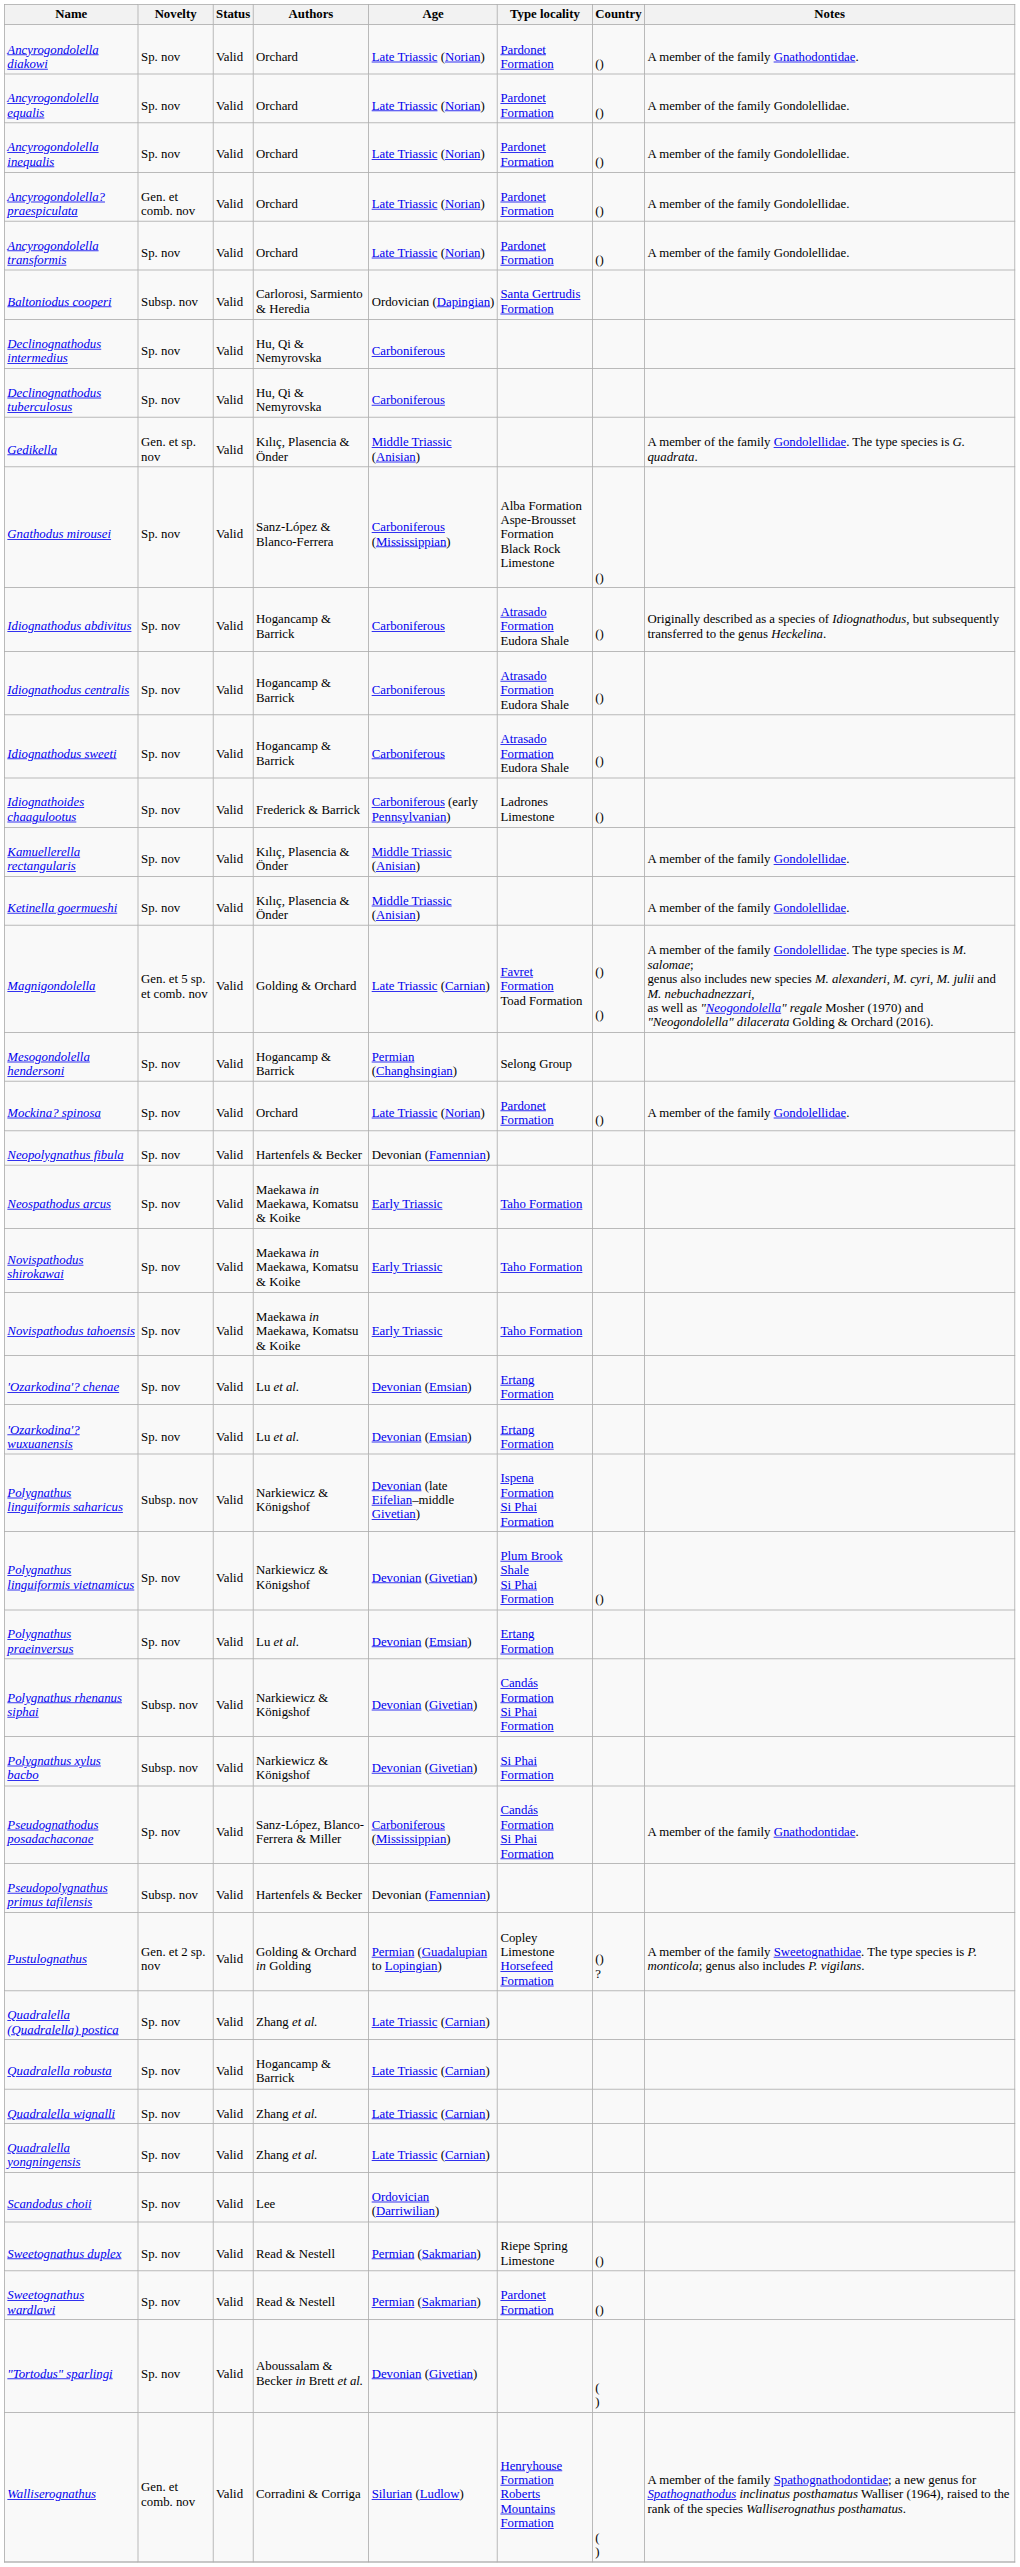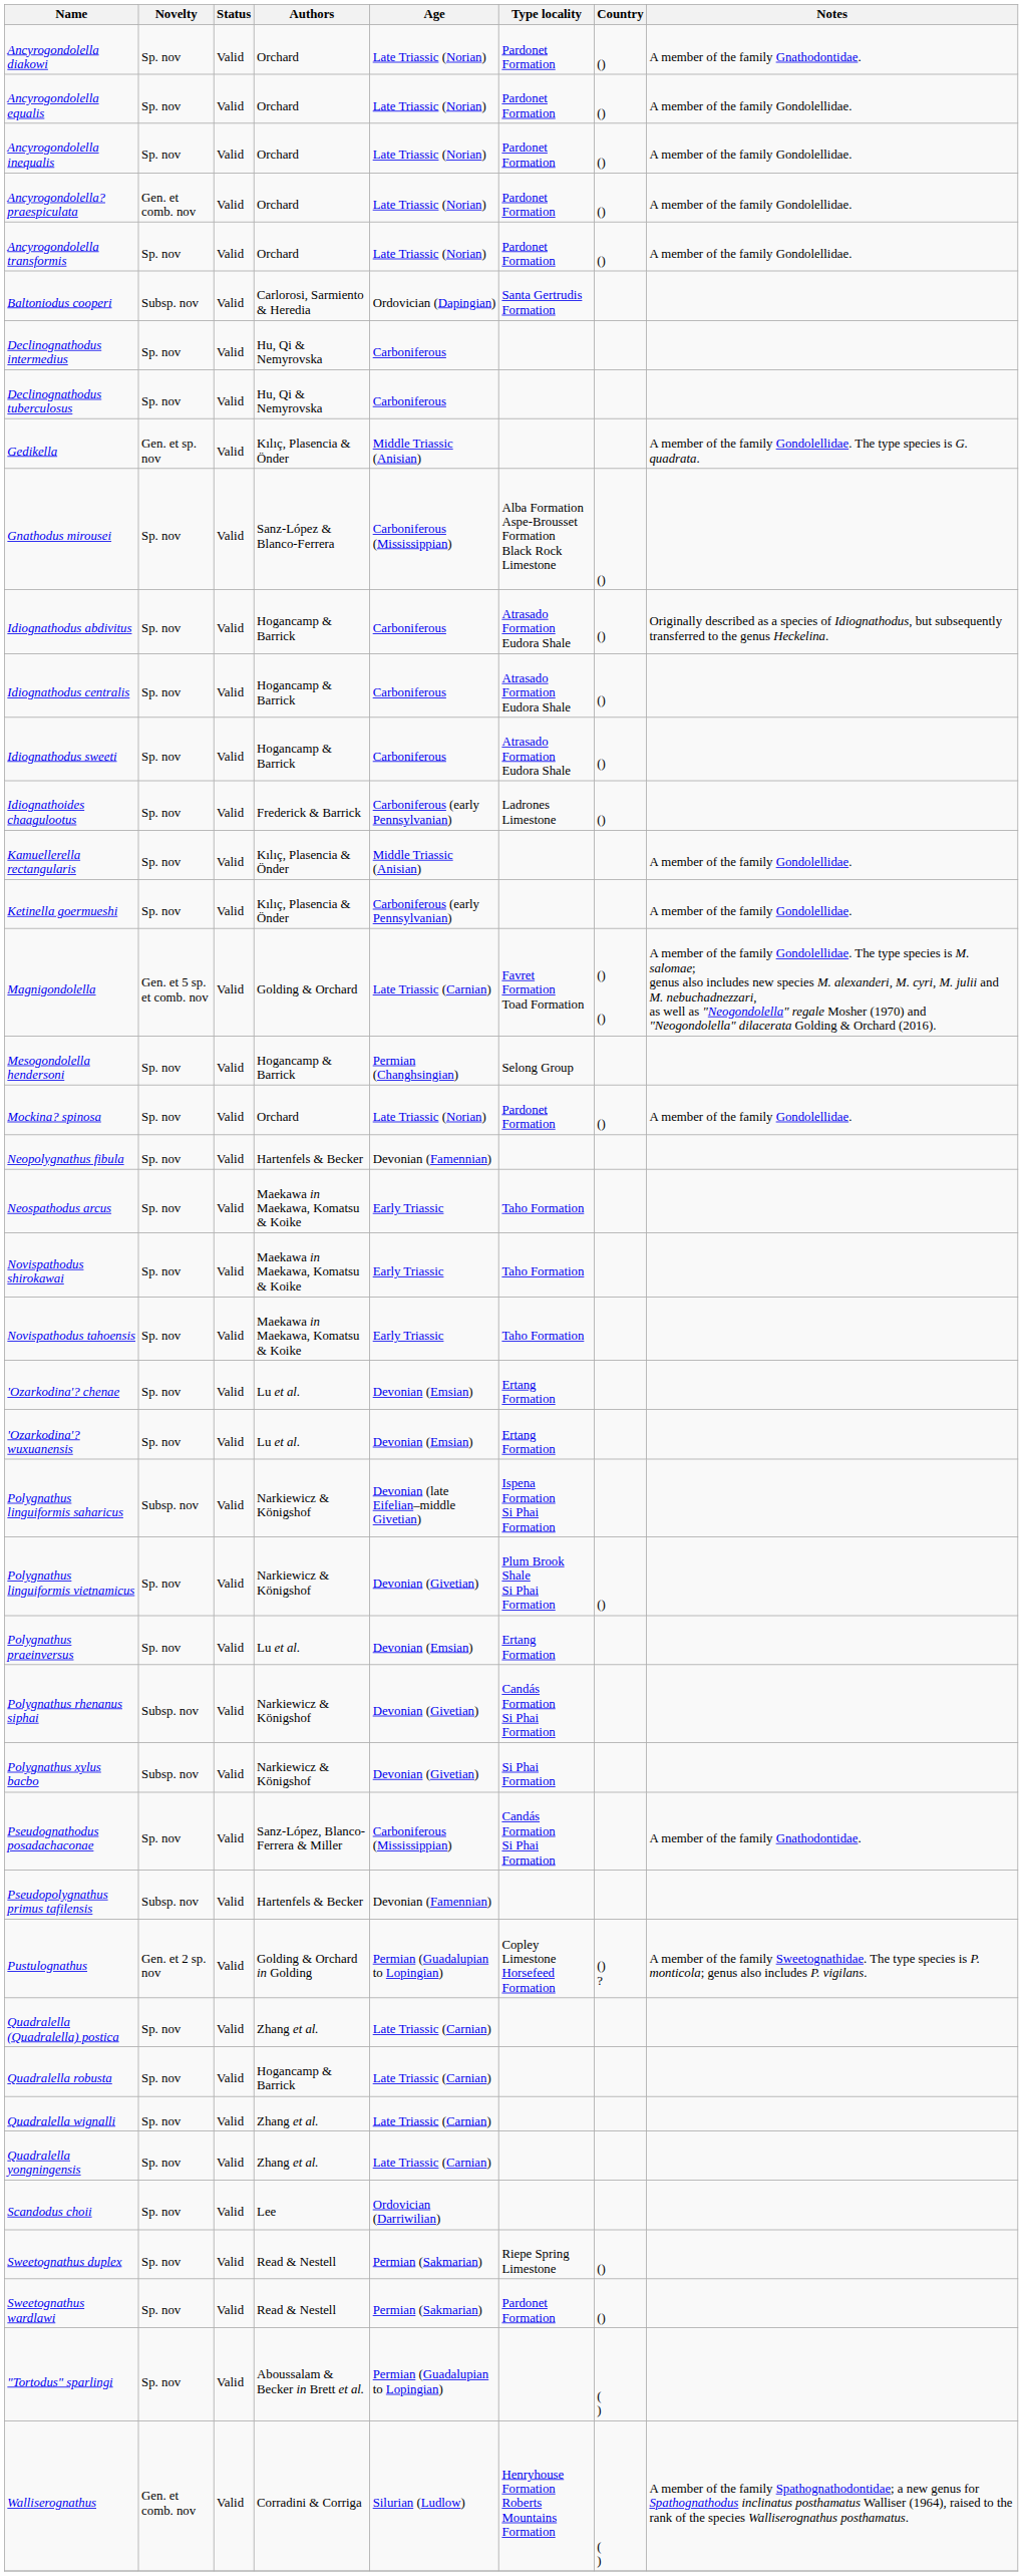 <table class="wikitable sortable" align="center" width="100%">
 <tr>
 <th>Name</th>
 <th>Novelty</th>
 <th>Status</th>
 <th>Authors</th>
 <th>Age</th>
 <th>Type locality</th>
 <th>Country</th>
 <th>Notes</th>
 </tr>
 <tr>
 <td><br><em><a href='#'>Ancyrogondolella diakowi</a></em></td>
 <td><br>Sp. nov</td>
 <td><br>Valid</td>
 <td><br>Orchard</td>
 <td><br><a href='#'>Late Triassic</a> (<a href='#'>Norian</a>)</td>
 <td><br><a href='#'>Pardonet Formation</a></td>
 <td><br><br> ()</td>
 <td><br>A member of the family <a href='#'>Gnathodontidae</a>.</td>
 </tr>
 <tr>
 <td><br><em><a href='#'>Ancyrogondolella equalis</a></em></td>
 <td><br>Sp. nov</td>
 <td><br>Valid</td>
 <td><br>Orchard</td>
 <td><br><a href='#'>Late Triassic</a> (<a href='#'>Norian</a>)</td>
 <td><br><a href='#'>Pardonet Formation</a></td>
 <td><br><br> ()</td>
 <td><br>A member of the family Gondolellidae.</td>
 </tr>
 <tr>
 <td><br><em><a href='#'>Ancyrogondolella inequalis</a></em></td>
 <td><br>Sp. nov</td>
 <td><br>Valid</td>
 <td><br>Orchard</td>
 <td><br><a href='#'>Late Triassic</a> (<a href='#'>Norian</a>)</td>
 <td><br><a href='#'>Pardonet Formation</a></td>
 <td><br><br> ()</td>
 <td><br>A member of the family Gondolellidae.</td>
 </tr>
 <tr>
 <td><br><em><a href='#'>Ancyrogondolella? praespiculata</a></em></td>
 <td><br>Gen. et comb. nov</td>
 <td><br>Valid</td>
 <td><br>Orchard</td>
 <td><br><a href='#'>Late Triassic</a> (<a href='#'>Norian</a>)</td>
 <td><br><a href='#'>Pardonet Formation</a></td>
 <td><br><br> ()</td>
 <td><br>A member of the family Gondolellidae.</td>
 </tr>
 <tr>
 <td><br><em><a href='#'>Ancyrogondolella transformis</a></em></td>
 <td><br>Sp. nov</td>
 <td><br>Valid</td>
 <td><br>Orchard</td>
 <td><br><a href='#'>Late Triassic</a> (<a href='#'>Norian</a>)</td>
 <td><br><a href='#'>Pardonet Formation</a></td>
 <td><br><br> ()</td>
 <td><br>A member of the family Gondolellidae.</td>
 </tr>
 <tr>
 <td><br><em><a href='#'>Baltoniodus cooperi</a></em></td>
 <td><br>Subsp. nov</td>
 <td><br>Valid</td>
 <td><br>Carlorosi, Sarmiento & Heredia</td>
 <td><br>Ordovician (<a href='#'>Dapingian</a>)</td>
 <td><br><a href='#'>Santa Gertrudis Formation</a></td>
 <td><br></td>
 <td></td>
 </tr>
 <tr>
 <td><br><em><a href='#'>Declinognathodus intermedius</a></em></td>
 <td><br>Sp. nov</td>
 <td><br>Valid</td>
 <td><br>Hu, Qi & Nemyrovska</td>
 <td><br><a href='#'>Carboniferous</a></td>
 <td></td>
 <td><br></td>
 <td></td>
 </tr>
 <tr>
 <td><br><em><a href='#'>Declinognathodus tuberculosus</a></em></td>
 <td><br>Sp. nov</td>
 <td><br>Valid</td>
 <td><br>Hu, Qi & Nemyrovska</td>
 <td><br><a href='#'>Carboniferous</a></td>
 <td></td>
 <td><br></td>
 <td></td>
 </tr>
 <tr>
 <td><br><em><a href='#'>Gedikella</a></em></td>
 <td><br>Gen. et sp. nov</td>
 <td><br>Valid</td>
 <td><br>Kılıç, Plasencia & Önder</td>
 <td><br><a href='#'>Middle Triassic</a> (<a href='#'>Anisian</a>)</td>
 <td></td>
 <td><br></td>
 <td><br>A member of the family <a href='#'>Gondolellidae</a>. The type species is <em>G. quadrata</em>.</td>
 </tr>
 <tr>
 <td><br><em><a href='#'>Gnathodus mirousei</a></em></td>
 <td><br>Sp. nov</td>
 <td><br>Valid</td>
 <td><br>Sanz-López & Blanco-Ferrera</td>
 <td><br><a href='#'>Carboniferous</a> (<a href='#'>Mississippian</a>)</td>
 <td><br>Alba Formation<br> Aspe-Brousset Formation<br> Black Rock Limestone</td>
 <td><br><br> <br> <br> <br> <br>  <br> ()</td>
 <td></td>
 </tr>
 <tr>
 <td><br><em><a href='#'>Idiognathodus abdivitus</a></em></td>
 <td><br>Sp. nov</td>
 <td><br>Valid</td>
 <td><br>Hogancamp & Barrick</td>
 <td><br><a href='#'>Carboniferous</a></td>
 <td><br><a href='#'>Atrasado Formation</a><br> Eudora Shale</td>
 <td><br><br> ()</td>
 <td><br>Originally described as a species of <em>Idiognathodus</em>, but subsequently transferred to the genus <em>Heckelina</em>.</td>
 </tr>
 <tr>
 <td><br><em><a href='#'>Idiognathodus centralis</a></em></td>
 <td><br>Sp. nov</td>
 <td><br>Valid</td>
 <td><br>Hogancamp & Barrick</td>
 <td><br><a href='#'>Carboniferous</a></td>
 <td><br><a href='#'>Atrasado Formation</a><br> Eudora Shale</td>
 <td><br><br> ()</td>
 <td></td>
 </tr>
 <tr>
 <td><br><em><a href='#'>Idiognathodus sweeti</a></em></td>
 <td><br>Sp. nov</td>
 <td><br>Valid</td>
 <td><br>Hogancamp & Barrick</td>
 <td><br><a href='#'>Carboniferous</a></td>
 <td><br><a href='#'>Atrasado Formation</a><br> Eudora Shale</td>
 <td><br><br> ()</td>
 <td></td>
 </tr>
 <tr>
 <td><br><em><a href='#'>Idiognathoides chaagulootus</a></em></td>
 <td><br>Sp. nov</td>
 <td><br>Valid</td>
 <td><br>Frederick & Barrick</td>
 <td><br><a href='#'>Carboniferous</a> (early <a href='#'>Pennsylvanian</a>)</td>
 <td><br>Ladrones Limestone</td>
 <td><br><br>()</td>
 <td></td>
 </tr>
 <tr>
 <td><br><em><a href='#'>Kamuellerella rectangularis</a></em></td>
 <td><br>Sp. nov</td>
 <td><br>Valid</td>
 <td><br>Kılıç, Plasencia & Önder</td>
 <td><br><a href='#'>Middle Triassic</a> (<a href='#'>Anisian</a>)</td>
 <td></td>
 <td><br></td>
 <td><br>A member of the family <a href='#'>Gondolellidae</a>.</td>
 </tr>
 <tr>
 <td><br><em><a href='#'>Ketinella goermueshi</a></em></td>
 <td><br>Sp. nov</td>
 <td><br>Valid</td>
 <td><br>Kılıç, Plasencia & Önder</td>
-<td><br><a href='#'>Middle Triassic</a> (<a href='#'>Anisian</a>)</td>
+<td><br><a href='#'>Carboniferous</a> (early <a href='#'>Pennsylvanian</a>)</td>
 <td></td>
 <td><br></td>
 <td><br>A member of the family <a href='#'>Gondolellidae</a>.</td>
 </tr>
 <tr>
 <td><br><em><a href='#'>Magnigondolella</a></em></td>
 <td><br>Gen. et 5 sp. et comb. nov</td>
 <td><br>Valid</td>
 <td><br>Golding & Orchard</td>
 <td><br><a href='#'>Late Triassic</a> (<a href='#'>Carnian</a>)</td>
 <td><br><a href='#'>Favret Formation</a><br> Toad Formation</td>
 <td><br><br>()<br> <br> <br>()</td>
 <td><br>A member of the family <a href='#'>Gondolellidae</a>. The type species is <em>M. salomae</em>;<br> genus also includes new species <em>M. alexanderi</em>, <em>M. cyri</em>, <em>M. julii</em> and <em>M. nebuchadnezzari</em>,<br> as well as <em>"<a href='#'>Neogondolella</a>" regale</em> Mosher (1970) and <em>"Neogondolella" dilacerata</em> Golding & Orchard (2016).</td>
 </tr>
 <tr>
 <td><br><em><a href='#'>Mesogondolella hendersoni</a></em></td>
 <td><br>Sp. nov</td>
 <td><br>Valid</td>
 <td><br>Hogancamp & Barrick</td>
 <td><br><a href='#'>Permian</a> (<a href='#'>Changhsingian</a>)</td>
 <td><br>Selong Group</td>
 <td><br></td>
 <td></td>
 </tr>
 <tr>
 <td><br><em><a href='#'>Mockina? spinosa</a></em></td>
 <td><br>Sp. nov</td>
 <td><br>Valid</td>
 <td><br>Orchard</td>
 <td><br><a href='#'>Late Triassic</a> (<a href='#'>Norian</a>)</td>
 <td><br><a href='#'>Pardonet Formation</a></td>
 <td><br><br> ()</td>
 <td><br>A member of the family <a href='#'>Gondolellidae</a>.</td>
 </tr>
 <tr>
 <td><br><em><a href='#'>Neopolygnathus fibula</a></em></td>
 <td><br>Sp. nov</td>
 <td><br>Valid</td>
 <td><br>Hartenfels & Becker</td>
 <td><br>Devonian (<a href='#'>Famennian</a>)</td>
 <td></td>
 <td><br></td>
 <td></td>
 </tr>
 <tr>
 <td><br><em><a href='#'>Neospathodus arcus</a></em></td>
 <td><br>Sp. nov</td>
 <td><br>Valid</td>
 <td><br>Maekawa <em>in</em> Maekawa, Komatsu & Koike</td>
 <td><br><a href='#'>Early Triassic</a></td>
 <td><br><a href='#'>Taho Formation</a></td>
 <td><br></td>
 <td></td>
 </tr>
 <tr>
 <td><br><em><a href='#'>Novispathodus shirokawai</a></em></td>
 <td><br>Sp. nov</td>
 <td><br>Valid</td>
 <td><br>Maekawa <em>in</em> Maekawa, Komatsu & Koike</td>
 <td><br><a href='#'>Early Triassic</a></td>
 <td><br><a href='#'>Taho Formation</a></td>
 <td><br></td>
 <td></td>
 </tr>
 <tr>
 <td><br><em><a href='#'>Novispathodus tahoensis</a></em></td>
 <td><br>Sp. nov</td>
 <td><br>Valid</td>
 <td><br>Maekawa <em>in</em> Maekawa, Komatsu & Koike</td>
 <td><br><a href='#'>Early Triassic</a></td>
 <td><br><a href='#'>Taho Formation</a></td>
 <td><br></td>
 <td></td>
 </tr>
 <tr>
 <td><br><em><a href='#'>'Ozarkodina'? chenae</a></em></td>
 <td><br>Sp. nov</td>
 <td><br>Valid</td>
 <td><br>Lu <em>et al.</em></td>
 <td><br><a href='#'>Devonian</a> (<a href='#'>Emsian</a>)</td>
 <td><br><a href='#'>Ertang Formation</a></td>
 <td><br></td>
 <td></td>
 </tr>
 <tr>
 <td><br><em><a href='#'>'Ozarkodina'? wuxuanensis</a></em></td>
 <td><br>Sp. nov</td>
 <td><br>Valid</td>
 <td><br>Lu <em>et al.</em></td>
 <td><br><a href='#'>Devonian</a> (<a href='#'>Emsian</a>)</td>
 <td><br><a href='#'>Ertang Formation</a></td>
 <td><br></td>
 <td></td>
 </tr>
 <tr>
 <td><br><em><a href='#'>Polygnathus linguiformis saharicus</a></em></td>
 <td><br>Subsp. nov</td>
 <td><br>Valid</td>
 <td><br>Narkiewicz & Königshof</td>
 <td><br><a href='#'>Devonian</a> (late <a href='#'>Eifelian</a>–middle <a href='#'>Givetian</a>)</td>
 <td><br><a href='#'>Ispena Formation</a><br> <a href='#'>Si Phai Formation</a></td>
 <td><br><br> <br> <br> <br> </td>
 <td></td>
 </tr>
 <tr>
 <td><br><em><a href='#'>Polygnathus linguiformis vietnamicus</a></em></td>
 <td><br>Sp. nov</td>
 <td><br>Valid</td>
 <td><br>Narkiewicz & Königshof</td>
 <td><br><a href='#'>Devonian</a> (<a href='#'>Givetian</a>)</td>
 <td><br><a href='#'>Plum Brook Shale</a><br> <a href='#'>Si Phai Formation</a></td>
 <td><br><br> <br> <br>()<br> </td>
 <td></td>
 </tr>
 <tr>
 <td><br><em><a href='#'>Polygnathus praeinversus</a></em></td>
 <td><br>Sp. nov</td>
 <td><br>Valid</td>
 <td><br>Lu <em>et al.</em></td>
 <td><br><a href='#'>Devonian</a> (<a href='#'>Emsian</a>)</td>
 <td><br><a href='#'>Ertang Formation</a></td>
 <td><br></td>
 <td></td>
 </tr>
 <tr>
 <td><br><em><a href='#'>Polygnathus rhenanus siphai</a></em></td>
 <td><br>Subsp. nov</td>
 <td><br>Valid</td>
 <td><br>Narkiewicz & Königshof</td>
 <td><br><a href='#'>Devonian</a> (<a href='#'>Givetian</a>)</td>
 <td><br><a href='#'>Candás Formation</a><br> <a href='#'>Si Phai Formation</a></td>
 <td><br><br> <br> <br> </td>
 <td></td>
 </tr>
 <tr>
 <td><br><em><a href='#'>Polygnathus xylus bacbo</a></em></td>
 <td><br>Subsp. nov</td>
 <td><br>Valid</td>
 <td><br>Narkiewicz & Königshof</td>
 <td><br><a href='#'>Devonian</a> (<a href='#'>Givetian</a>)</td>
 <td><br><a href='#'>Si Phai Formation</a></td>
 <td><br></td>
 <td></td>
 </tr>
 <tr>
 <td><br><em><a href='#'>Pseudognathodus posadachaconae</a></em></td>
 <td><br>Sp. nov</td>
 <td><br>Valid</td>
 <td><br>Sanz-López, Blanco-Ferrera & Miller</td>
 <td><br><a href='#'>Carboniferous</a> (<a href='#'>Mississippian</a>)</td>
 <td><br><a href='#'>Candás Formation</a><br> <a href='#'>Si Phai Formation</a></td>
 <td><br></td>
 <td><br>A member of the family <a href='#'>Gnathodontidae</a>.</td>
 </tr>
 <tr>
 <td><br><em><a href='#'>Pseudopolygnathus primus tafilensis</a></em></td>
 <td><br>Subsp. nov</td>
 <td><br>Valid</td>
 <td><br>Hartenfels & Becker</td>
 <td><br>Devonian (<a href='#'>Famennian</a>)</td>
 <td></td>
 <td><br></td>
 <td></td>
 </tr>
 <tr>
 <td><br><em><a href='#'>Pustulognathus</a></em></td>
 <td><br>Gen. et 2 sp. nov</td>
 <td><br>Valid</td>
 <td><br>Golding & Orchard <em>in</em> Golding</td>
 <td><br><a href='#'>Permian</a> (<a href='#'>Guadalupian</a> to <a href='#'>Lopingian</a>)</td>
 <td><br>Copley Limestone<br> <a href='#'>Horsefeed Formation</a></td>
 <td><br><br> ()<br> ?</td>
 <td><br>A member of the family <a href='#'>Sweetognathidae</a>. The type species is <em>P. monticola</em>; genus also includes <em>P. vigilans</em>.</td>
 </tr>
 <tr>
 <td><br><em><a href='#'>Quadralella (Quadralella) postica</a></em></td>
 <td><br>Sp. nov</td>
 <td><br>Valid</td>
 <td><br>Zhang <em>et al.</em></td>
 <td><br><a href='#'>Late Triassic</a> (<a href='#'>Carnian</a>)</td>
 <td></td>
 <td><br></td>
 <td></td>
 </tr>
 <tr>
 <td><br><em><a href='#'>Quadralella robusta</a></em></td>
 <td><br>Sp. nov</td>
 <td><br>Valid</td>
 <td><br>Hogancamp & Barrick</td>
 <td><br><a href='#'>Late Triassic</a> (<a href='#'>Carnian</a>)</td>
 <td></td>
 <td><br></td>
 <td></td>
 </tr>
 <tr>
 <td><br><em><a href='#'>Quadralella wignalli</a></em></td>
 <td><br>Sp. nov</td>
 <td><br>Valid</td>
 <td><br>Zhang <em>et al.</em></td>
 <td><br><a href='#'>Late Triassic</a> (<a href='#'>Carnian</a>)</td>
 <td></td>
 <td><br></td>
 <td></td>
 </tr>
 <tr>
 <td><br><em><a href='#'>Quadralella yongningensis</a></em></td>
 <td><br>Sp. nov</td>
 <td><br>Valid</td>
 <td><br>Zhang <em>et al.</em></td>
 <td><br><a href='#'>Late Triassic</a> (<a href='#'>Carnian</a>)</td>
 <td></td>
 <td><br></td>
 <td></td>
 </tr>
 <tr>
 <td><br><em><a href='#'>Scandodus choii</a></em></td>
 <td><br>Sp. nov</td>
 <td><br>Valid</td>
 <td><br>Lee</td>
 <td><br><a href='#'>Ordovician</a> (<a href='#'>Darriwilian</a>)</td>
 <td></td>
 <td><br></td>
 <td></td>
 </tr>
 <tr>
 <td><br><em><a href='#'>Sweetognathus duplex</a></em></td>
 <td><br>Sp. nov</td>
 <td><br>Valid</td>
 <td><br>Read & Nestell</td>
 <td><br><a href='#'>Permian</a> (<a href='#'>Sakmarian</a>)</td>
 <td><br>Riepe Spring Limestone</td>
 <td><br><br> ()</td>
 <td></td>
 </tr>
 <tr>
 <td><br><em><a href='#'>Sweetognathus wardlawi</a></em></td>
 <td><br>Sp. nov</td>
 <td><br>Valid</td>
 <td><br>Read & Nestell</td>
 <td><br><a href='#'>Permian</a> (<a href='#'>Sakmarian</a>)</td>
 <td><br><a href='#'>Pardonet Formation</a></td>
 <td><br><br> ()</td>
 <td></td>
 </tr>
 <tr>
 <td><br><em><a href='#'>"Tortodus" sparlingi</a></em></td>
 <td><br>Sp. nov</td>
 <td><br>Valid</td>
 <td><br>Aboussalam & Becker <em>in</em> Brett <em>et al.</em></td>
-<td><br><a href='#'>Devonian</a> (<a href='#'>Givetian</a>)</td>
+<td><br><a href='#'>Permian</a> (<a href='#'>Guadalupian</a> to <a href='#'>Lopingian</a>)</td>
 <td></td>
 <td><br><br> <br> <br>(<br>)</td>
 <td></td>
 </tr>
 <tr>
 <td><br><em><a href='#'>Walliserognathus</a></em></td>
 <td><br>Gen. et comb. nov</td>
 <td><br>Valid</td>
 <td><br>Corradini & Corriga</td>
 <td><br><a href='#'>Silurian</a> (<a href='#'>Ludlow</a>)</td>
 <td><br><a href='#'>Henryhouse Formation</a><br> <a href='#'>Roberts Mountains Formation</a></td>
 <td><br><br> <br> <br> <br> <br> <br> <br> (<br> )</td>
 <td><br>A member of the family <a href='#'>Spathognathodontidae</a>; a new genus for <em><a href='#'>Spathognathodus</a> inclinatus posthamatus</em> Walliser (1964), raised to the rank of the species <em>Walliserognathus posthamatus</em>.</td>
 </tr>
 <tr>
 </tr>
 </table>
